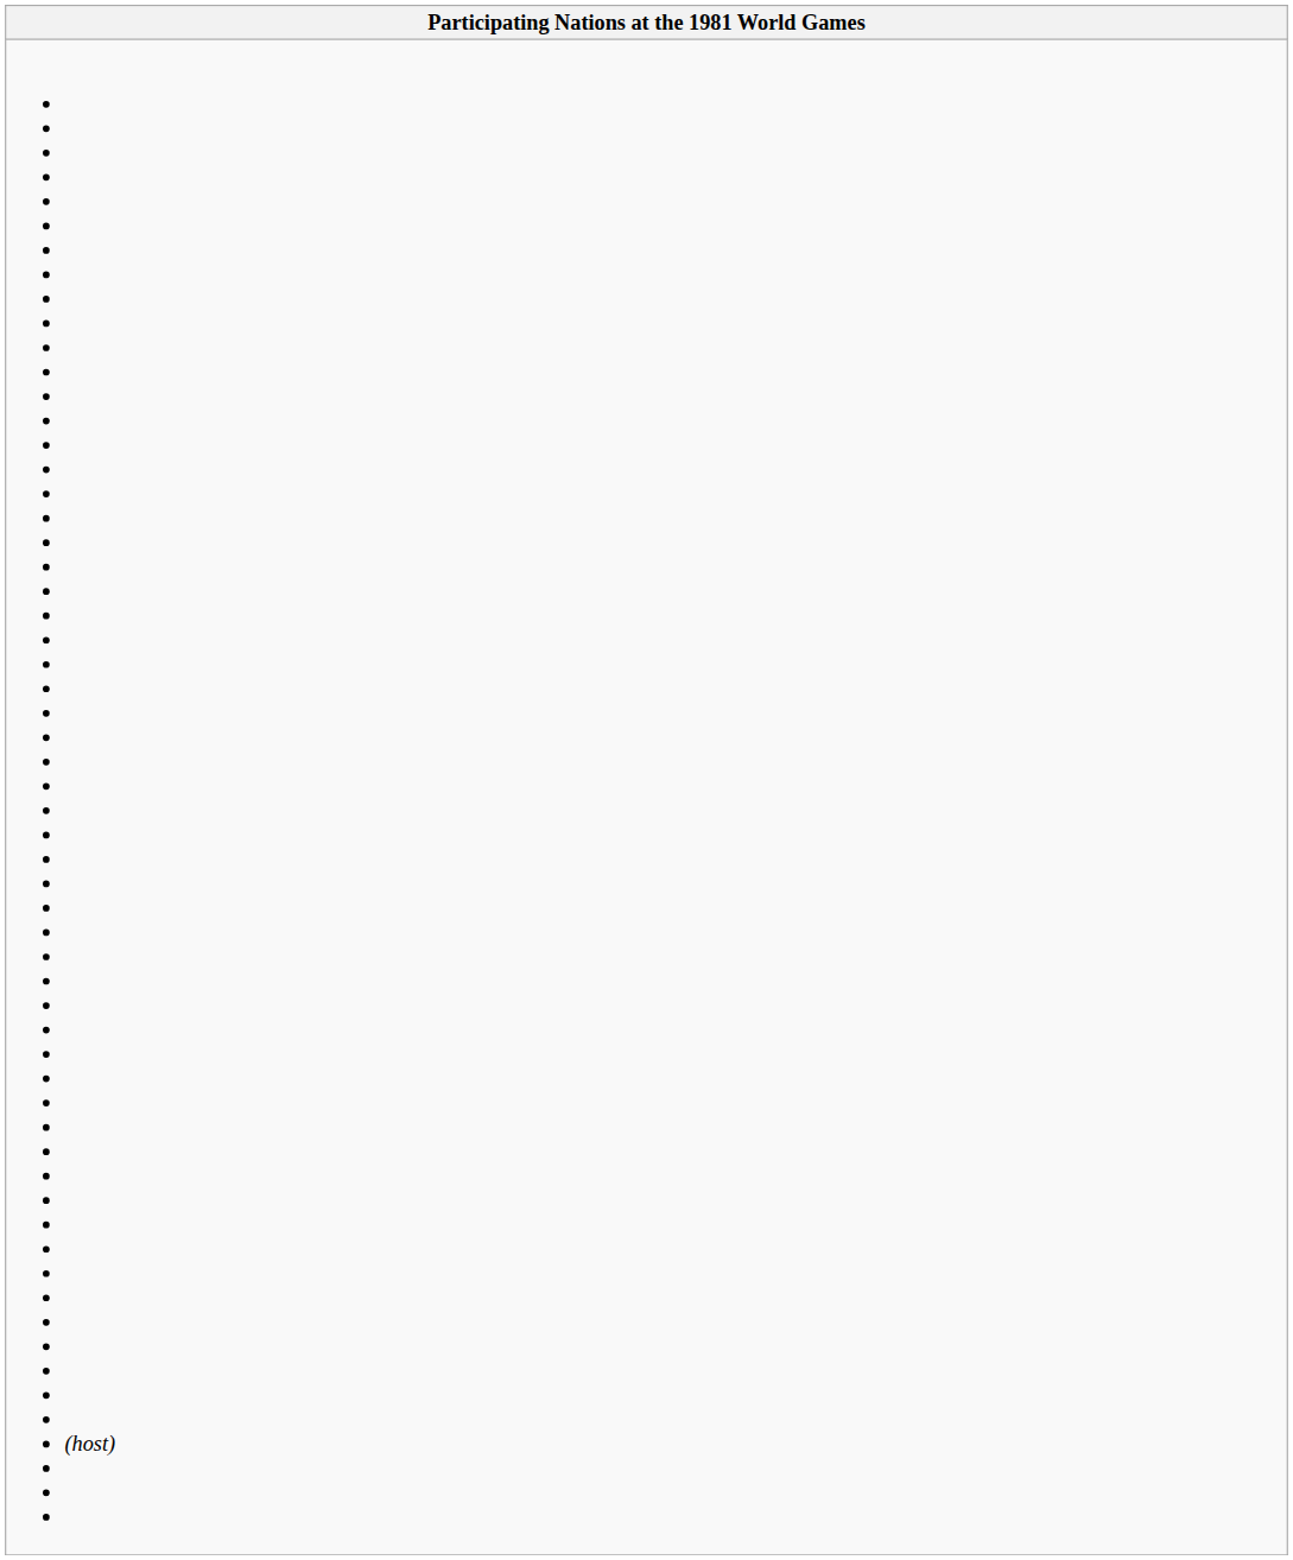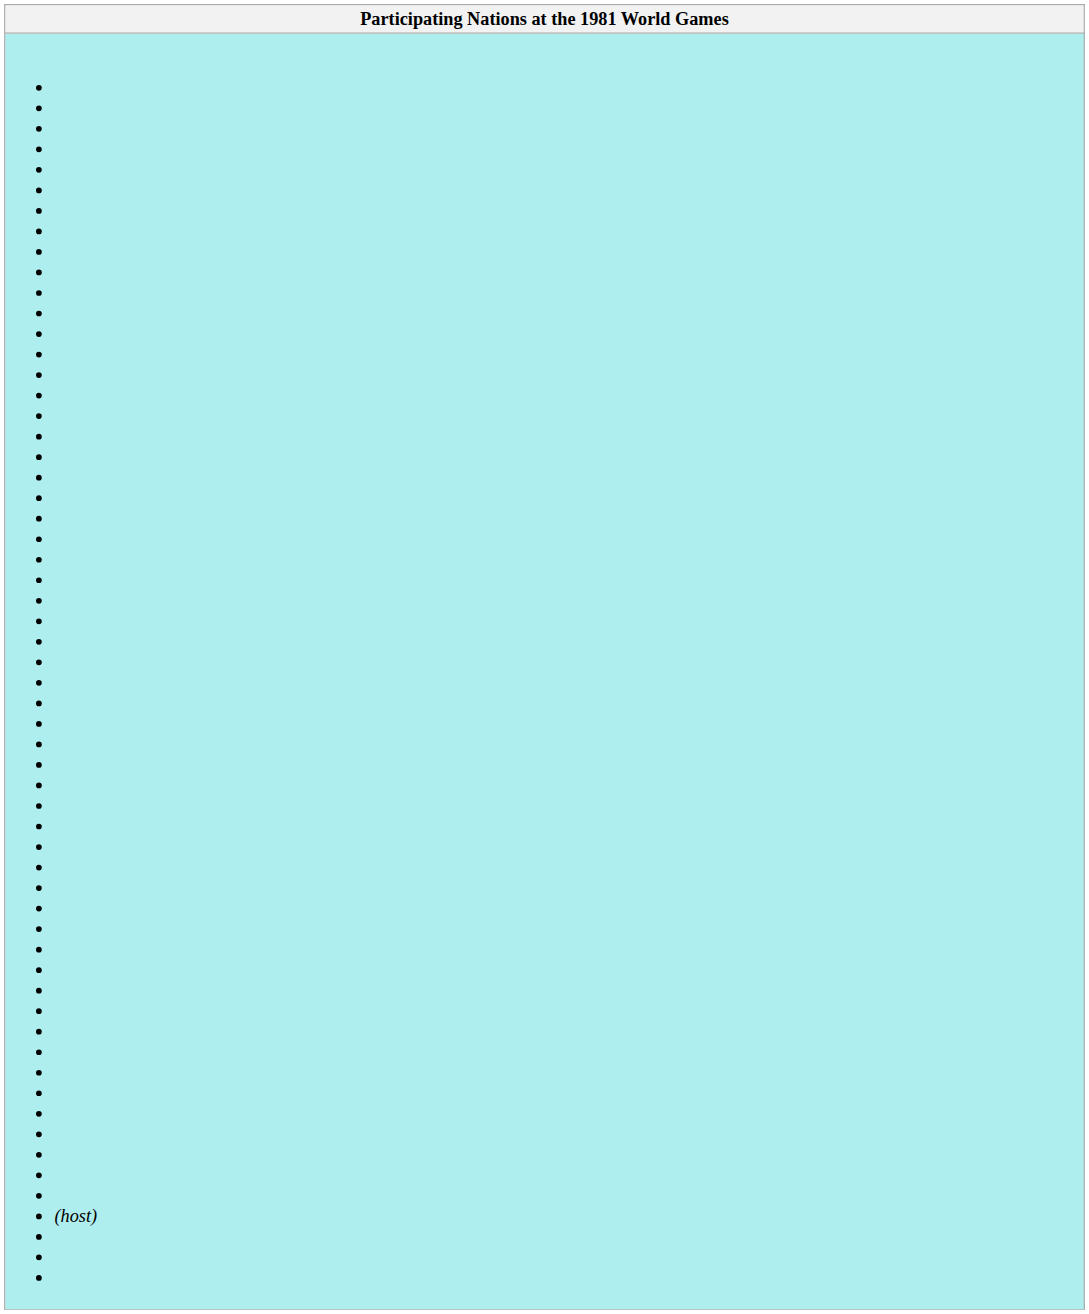 <table class="wikitable collapsible" style="margin:1em auto; width:75%;">
 <tr>
 <th>Participating Nations at the 1981 World Games</th>
 </tr>
 <tr>
-<td><br><ul><li></li><li></li><li></li><li></li><li></li><li></li><li></li><li></li><li></li><li></li><li></li><li></li><li></li><li></li><li></li><li></li><li></li><li></li><li></li><li></li><li></li><li></li><li></li><li></li><li></li><li></li><li></li><li></li><li></li><li></li><li></li><li></li><li></li><li></li><li></li><li></li><li></li><li></li><li></li><li></li><li></li><li></li><li></li><li></li><li></li><li></li><li></li><li></li><li></li><li></li><li></li><li></li><li></li><li></li><li></li><li> <em>(host)</em></li><li></li><li></li><li></li></ul></td>
+<td style="background: paleturquoise;"><br><ul><li></li><li></li><li></li><li></li><li></li><li></li><li></li><li></li><li></li><li></li><li></li><li></li><li></li><li></li><li></li><li></li><li></li><li></li><li></li><li></li><li></li><li></li><li></li><li></li><li></li><li></li><li></li><li></li><li></li><li></li><li></li><li></li><li></li><li></li><li></li><li></li><li></li><li></li><li></li><li></li><li></li><li></li><li></li><li></li><li></li><li></li><li></li><li></li><li></li><li></li><li></li><li></li><li></li><li></li><li></li><li> <em>(host)</em></li><li></li><li></li><li></li></ul></td>
 </tr>
 </table>
